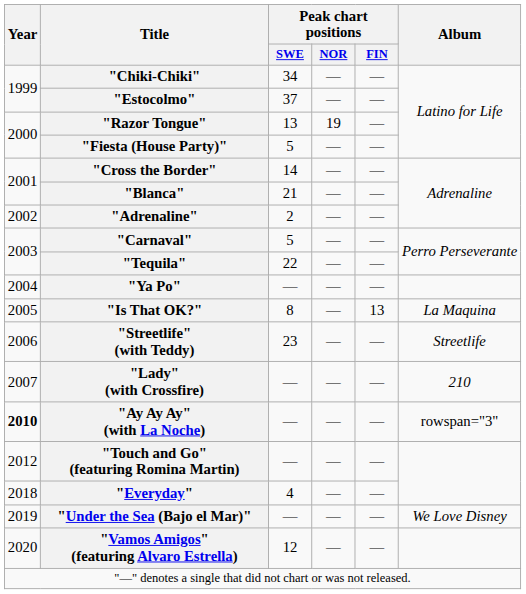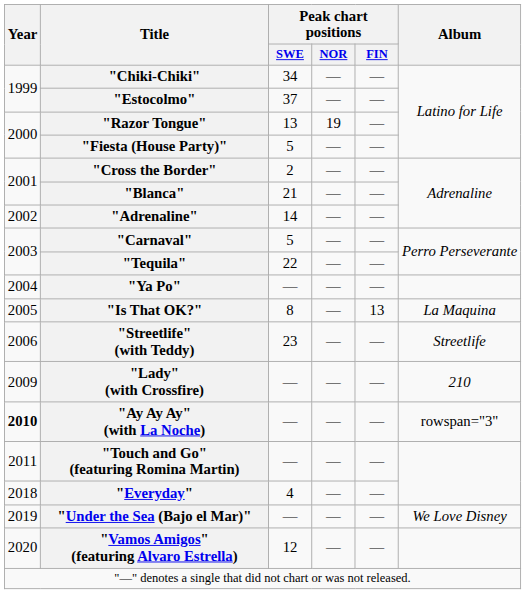 <table class="wikitable plainrowheaders" style="text-align:center;">
 <tr>
 <th scope="col" rowspan="2" style="width:1em;">Year</th>
 <th scope="col" rowspan="2" style="width:15em;">Title</th>
 <th scope="col" colspan="3">Peak chart positions</th>
 <th scope="col" rowspan="2">Album</th>
 </tr>
 <tr>
 <th scope="col" style="width:3em;font-size:85%;"><a href='#'>SWE</a><br></th>
 <th scope="col" style="width:3em;font-size:85%;"><a href='#'>NOR</a><br></th>
 <th scope="col" style="width:3em;font-size:85%;"><a href='#'>FIN</a><br></th>
 </tr>
 <tr>
 <td rowspan="2">1999</td>
 <th scope="row">"Chiki-Chiki"</th>
 <td>34</td>
 <td>—</td>
 <td>—</td>
 <td rowspan="4"><em>Latino for Life</em></td>
 </tr>
 <tr>
 <th scope="row">"Estocolmo"</th>
 <td>37</td>
 <td>—</td>
 <td>—</td>
 </tr>
 <tr>
 <td rowspan="2">2000</td>
 <th scope="row">"Razor Tongue"</th>
 <td>13</td>
 <td>19</td>
 <td>—</td>
 </tr>
 <tr>
 <th scope="row">"Fiesta (House Party)"</th>
 <td>5</td>
 <td>—</td>
 <td>—</td>
 </tr>
 <tr>
 <td rowspan="2">2001</td>
 <th scope="row">"Cross the Border"</th>
-<td>14</td>
+<td>2</td>
 <td>—</td>
 <td>—</td>
 <td rowspan="3"><em>Adrenaline</em></td>
 </tr>
 <tr>
 <th scope="row">"Blanca"</th>
 <td>21</td>
 <td>—</td>
 <td>—</td>
 </tr>
 <tr>
 <td>2002</td>
 <th scope="row">"Adrenaline"</th>
-<td>2</td>
+<td>14</td>
 <td>—</td>
 <td>—</td>
 </tr>
 <tr>
 <td rowspan="2">2003</td>
 <th scope="row">"Carnaval"</th>
 <td>5</td>
 <td>—</td>
 <td>—</td>
 <td rowspan="2"><em>Perro Perseverante</em></td>
 </tr>
 <tr>
 <th scope="row">"Tequila"</th>
 <td>22</td>
 <td>—</td>
 <td>—</td>
 </tr>
 <tr>
 <td>2004</td>
 <th scope="row">"Ya Po"</th>
 <td>—</td>
 <td>—</td>
 <td>—</td>
 <td></td>
 </tr>
 <tr>
 <td>2005</td>
 <th scope="row">"Is That OK?"</th>
 <td>8</td>
 <td>—</td>
 <td>13</td>
 <td><em>La Maquina</em></td>
 </tr>
 <tr>
 <td>2006</td>
 <th scope="row">"Streetlife"<br><span>(with Teddy)</span></th>
 <td>23</td>
 <td>—</td>
 <td>—</td>
 <td><em>Streetlife</em></td>
 </tr>
 <tr>
-<td>2007</td>
+<td>2009</td>
 <th scope="row">"Lady"<br><span>(with Crossfire)</span></th>
 <td>—</td>
 <td>—</td>
 <td>—</td>
 <td><em>210</em></td>
 </tr>
 <tr>
 <td><strong>2010</strong></td>
 <th scope="row">"Ay Ay Ay"<br><span>(with <a href='#'>La Noche</a>)</span></th>
 <td>—</td>
 <td>—</td>
 <td>—</td>
 <td>rowspan="3" </td>
 </tr>
 <tr>
-<td>2012</td>
+<td>2011</td>
 <th scope="row">"Touch and Go"<br><span>(featuring Romina Martin)</span></th>
 <td>—</td>
 <td>—</td>
 <td>—</td>
 </tr>
 <tr>
 <td>2018</td>
 <th scope="row">"<a href='#'>Everyday</a>"</th>
 <td>4<br></td>
 <td>—</td>
 <td>—</td>
 </tr>
 <tr>
 <td>2019</td>
 <th scope="row">"<a href='#'>Under the Sea</a> (Bajo el Mar)"</th>
 <td>—</td>
 <td>—</td>
 <td>—</td>
 <td><em>We Love Disney</em></td>
 </tr>
 <tr>
 <td>2020</td>
 <th scope="row">"<a href='#'>Vamos Amigos</a>"<br><span>(featuring <a href='#'>Alvaro Estrella</a>)</span></th>
 <td>12<br></td>
 <td>—</td>
 <td>—</td>
 <td></td>
 </tr>
 <tr>
 <td colspan="22" style="text-align:center; font-size:85%;">"—" denotes a single that did not chart or was not released.</td>
 </tr>
 </table>
